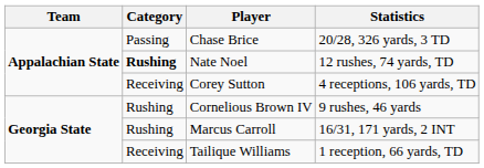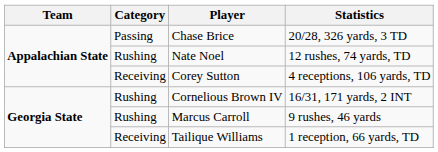 <table class="wikitable" style="float: left;">
 <tr>
 <th>Team</th>
 <th>Category</th>
 <th>Player</th>
 <th>Statistics</th>
 </tr>
 <tr>
 <td rowspan=3><strong>Appalachian State</strong></td>
 <td>Passing</td>
 <td>Chase Brice</td>
 <td>20/28, 326 yards, 3 TD</td>
 </tr>
 <tr>
-<td><strong>Rushing</strong></td>
+<td>Rushing</td>
 <td>Nate Noel</td>
 <td>12 rushes, 74 yards, TD</td>
 </tr>
 <tr>
 <td>Receiving</td>
 <td>Corey Sutton</td>
 <td>4 receptions, 106 yards, TD</td>
 </tr>
 <tr>
 <td rowspan=3><strong>Georgia State</strong></td>
 <td>Rushing</td>
 <td>Cornelious Brown IV</td>
-<td>9 rushes, 46 yards</td>
+<td>16/31, 171 yards, 2 INT</td>
 </tr>
 <tr>
 <td>Rushing</td>
 <td>Marcus Carroll</td>
-<td>16/31, 171 yards, 2 INT</td>
+<td>9 rushes, 46 yards</td>
 </tr>
 <tr>
 <td>Receiving</td>
 <td>Tailique Williams</td>
 <td>1 reception, 66 yards, TD</td>
 </tr>
 </table>
